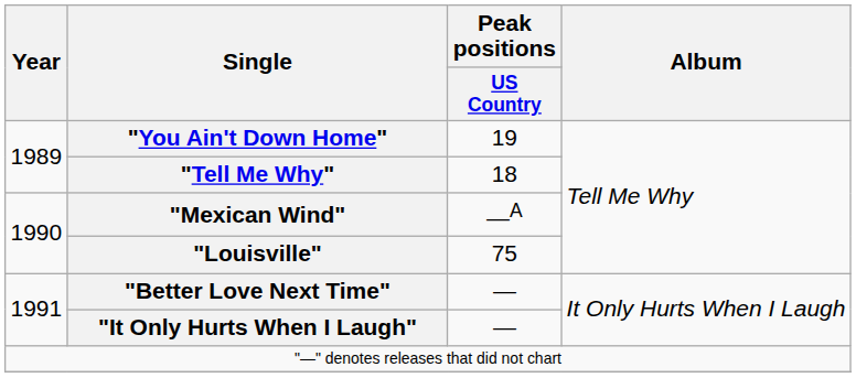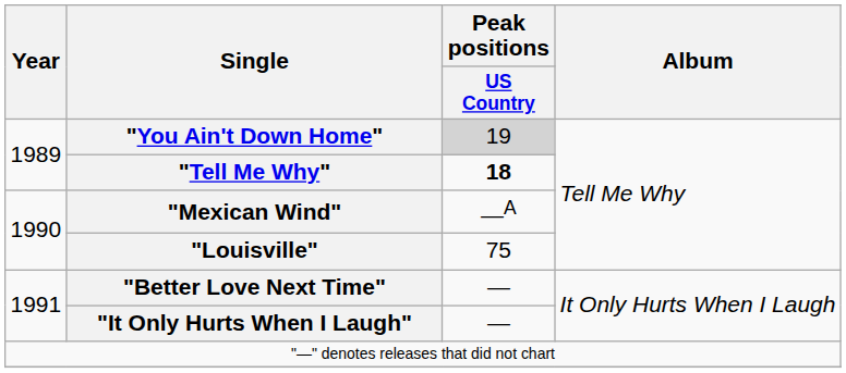 <table class="wikitable plainrowheaders" style="text-align:center;">
 <tr>
 <th rowspan=2>Year</th>
 <th rowspan=2 style="width:16em;">Single</th>
 <th colspan=1>Peak positions</th>
 <th rowspan=2>Album</th>
 </tr>
 <tr style="font-size:smaller;">
 <th width="65"><a href='#'>US Country</a></th>
 </tr>
 <tr>
 <td rowspan=2>1989</td>
 <th scope="row">"<a href='#'>You Ain't Down Home</a>"</th>
-<td>19</td>
+<td style="background: lightgrey;">19</td>
 <td align="left" rowspan=4><em>Tell Me Why</em></td>
 </tr>
 <tr>
 <th scope="row">"<a href='#'>Tell Me Why</a>"</th>
-<td>18</td>
+<td><strong>18</strong></td>
 </tr>
 <tr>
 <td rowspan=2>1990</td>
 <th scope="row">"Mexican Wind"</th>
 <td>—<sup>A</sup></td>
 </tr>
 <tr>
 <th scope="row">"Louisville"</th>
 <td>75</td>
 </tr>
 <tr>
 <td rowspan=2>1991</td>
 <th scope="row">"Better Love Next Time"</th>
 <td>—</td>
 <td align="left" rowspan=2><em>It Only Hurts When I Laugh</em></td>
 </tr>
 <tr>
 <th scope="row">"It Only Hurts When I Laugh"</th>
 <td>—</td>
 </tr>
 <tr>
 <td colspan=4 style="font-size:8pt">"—" denotes releases that did not chart</td>
 </tr>
 <tr>
 </tr>
 </table>
